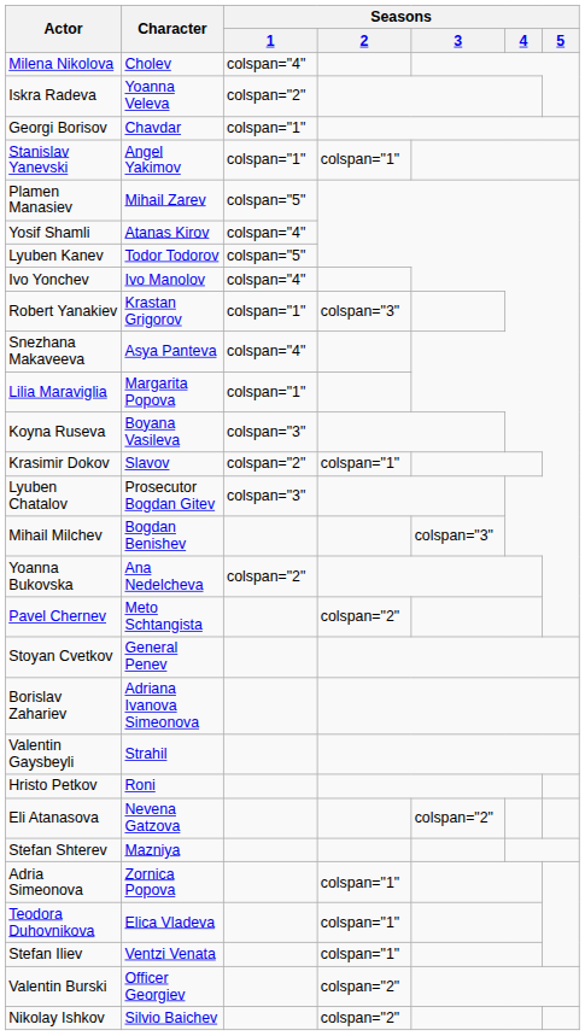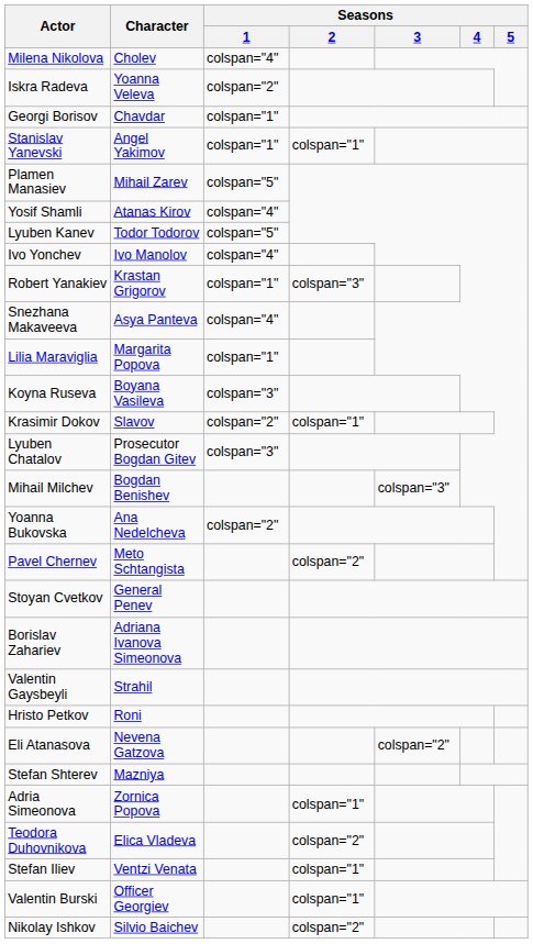 <table class="wikitable plainrowheaders" style="width:70%;">
 <tr>
 <th scope="col" rowspan="2" style="width:14%;">Actor</th>
 <th scope="col" rowspan="2" style="width:10%;">Character</th>
 <th scope="col" colspan="5">Seasons</th>
 </tr>
 <tr>
 <th scope="col" style="width:5%;"><a href='#'>1</a></th>
 <th scope="col" style="width:5%;"><a href='#'>2</a></th>
 <th scope="col" style="width:5%;"><a href='#'>3</a></th>
 <th scope="col" style="width:5%;"><a href='#'>4</a></th>
 <th scope="col" style="width:5%;"><a href='#'>5</a></th>
 </tr>
 <tr>
 <td scope="row"><a href='#'>Milena Nikolova</a></td>
 <td><a href='#'>Cholev</a></td>
 <td>colspan="4" </td>
 <td colspan="1"></td>
 </tr>
 <tr>
 <td scope="row">Iskra Radeva</td>
 <td><a href='#'>Yoanna Veleva</a></td>
 <td>colspan="2" </td>
 <td colspan="3"></td>
 </tr>
 <tr>
 <td scope="row">Georgi Borisov</td>
 <td><a href='#'>Chavdar</a></td>
 <td>colspan="1" </td>
 <td colspan="4"></td>
 </tr>
 <tr>
 <td scope="row"><a href='#'>Stanislav Yanevski</a></td>
 <td><a href='#'>Angel Yakimov</a></td>
 <td>colspan="1" </td>
 <td>colspan="1" </td>
 <td colspan="3"></td>
 </tr>
 <tr>
 <td scope="row">Plamen Manasiev</td>
 <td><a href='#'>Mihail Zarev</a></td>
 <td>colspan="5" </td>
 </tr>
 <tr>
 <td scope="row">Yosif Shamli</td>
 <td><a href='#'>Atanas Kirov</a></td>
 <td>colspan="4" </td>
 </tr>
 <tr>
 <td scope="row">Lyuben Kanev</td>
 <td><a href='#'>Todor Todorov</a></td>
 <td>colspan="5" </td>
 </tr>
 <tr>
 <td scope="row">Ivo Yonchev</td>
 <td><a href='#'>Ivo Manolov</a></td>
 <td>colspan="4" </td>
 <td colspan="1"></td>
 </tr>
 <tr>
 <td scope="row">Robert Yanakiev</td>
 <td><a href='#'>Krastan Grigorov</a></td>
 <td>colspan="1" </td>
 <td>colspan="3" </td>
 <td colspan="1"></td>
 </tr>
 <tr>
 <td scope="row">Snezhana Makaveeva</td>
 <td><a href='#'>Asya Panteva</a></td>
 <td>colspan="4" </td>
 <td colspan="1"></td>
 </tr>
 <tr>
 <td scope="row"><a href='#'>Lilia Maraviglia</a></td>
 <td><a href='#'>Margarita Popova</a></td>
 <td>colspan="1" </td>
 <td colspan="1"></td>
 </tr>
 <tr>
 <td scope="row">Koyna Ruseva</td>
 <td><a href='#'>Boyana Vasileva</a></td>
 <td>colspan="3" </td>
 <td colspan="2"></td>
 </tr>
 <tr>
 <td scope="row">Krasimir Dokov</td>
 <td><a href='#'>Slavov</a></td>
 <td>colspan="2" </td>
 <td>colspan="1" </td>
 <td colspan="2"></td>
 </tr>
 <tr>
 <td scope="row">Lyuben Chatalov</td>
 <td>Prosecutor<br><a href='#'>Bogdan Gitev</a></td>
 <td>colspan="3" </td>
 <td colspan="2"></td>
 </tr>
 <tr>
 <td scope="row">Mihail Milchev</td>
 <td><a href='#'>Bogdan Benishev</a></td>
 <td></td>
 <td colspan="1"></td>
 <td>colspan="3" </td>
 </tr>
 <tr>
 <td scope="row">Yoanna Bukovska</td>
 <td><a href='#'>Ana Nedelcheva</a></td>
 <td>colspan="2" </td>
 <td colspan="3"></td>
 </tr>
 <tr>
 <td scope="row"><a href='#'>Pavel Chernev</a></td>
 <td><a href='#'>Meto Schtangista</a></td>
 <td></td>
 <td>colspan="2" </td>
 <td colspan="2"></td>
 </tr>
 <tr>
 <td scope="row">Stoyan Cvetkov</td>
 <td><a href='#'>General Penev</a></td>
 <td></td>
 <td colspan="4"></td>
 </tr>
 <tr>
 <td scope="row">Borislav Zahariev</td>
 <td><a href='#'>Adriana Ivanova Simeonova</a></td>
 <td></td>
 <td colspan="4"></td>
 </tr>
 <tr>
 <td scope="row">Valentin Gaysbeyli</td>
 <td><a href='#'>Strahil</a></td>
 <td></td>
 <td colspan="4"></td>
 </tr>
 <tr>
 <td scope="row">Hristo Petkov</td>
 <td><a href='#'>Roni</a></td>
 <td></td>
 <td colspan="3"></td>
 <td></td>
 </tr>
 <tr>
 <td scope="row">Eli Atanasova</td>
 <td><a href='#'>Nevena Gatzova</a></td>
 <td></td>
 <td></td>
 <td>colspan="2" </td>
 <td colspan="1"></td>
 </tr>
 <tr>
 <td scope="row">Stefan Shterev</td>
 <td><a href='#'>Mazniya</a></td>
 <td colspan="1"></td>
 <td></td>
 <td></td>
 <td colspan="2"></td>
 </tr>
 <tr>
 <td scope="row">Adria Simeonova</td>
 <td><a href='#'>Zornica Popova</a></td>
 <td colspan="1"></td>
 <td>colspan="1" </td>
 <td colspan="2"></td>
 </tr>
 <tr>
 <td scope="row"><a href='#'>Teodora Duhovnikova</a></td>
 <td><a href='#'>Elica Vladeva</a></td>
 <td colspan="1"></td>
-<td>colspan="1" </td>
+<td>colspan="2" </td>
 <td colspan="2"></td>
 </tr>
 <tr>
 <td scope="row">Stefan Iliev</td>
 <td><a href='#'>Ventzi Venata</a></td>
 <td colspan="1"></td>
 <td>colspan="1" </td>
 <td colspan="2"></td>
 </tr>
 <tr>
 <td scope="row">Valentin Burski</td>
 <td><a href='#'>Officer Georgiev</a></td>
 <td colspan="1"></td>
-<td>colspan="2" </td>
+<td>colspan="1" </td>
 <td colspan="3"></td>
 </tr>
 <tr>
 <td scope="row">Nikolay Ishkov</td>
 <td><a href='#'>Silvio Baichev</a></td>
 <td colspan="1"></td>
 <td>colspan="2" </td>
 <td colspan="2"></td>
 </tr>
 </table>
